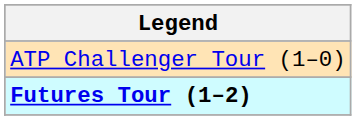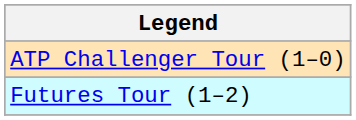 <table class="wikitable">
 <tr>
 <th>Legend</th>
 </tr>
 <tr style="background:moccasin">
 <td><a href='#'>ATP Challenger Tour</a> (1–0)</td>
 </tr>
 <tr style="background:#CFFCFF;">
-<td><strong><a href='#'>Futures Tour</a> (1–2)</strong></td>
+<td><a href='#'>Futures Tour</a> (1–2)</td>
 </tr>
 </table>
